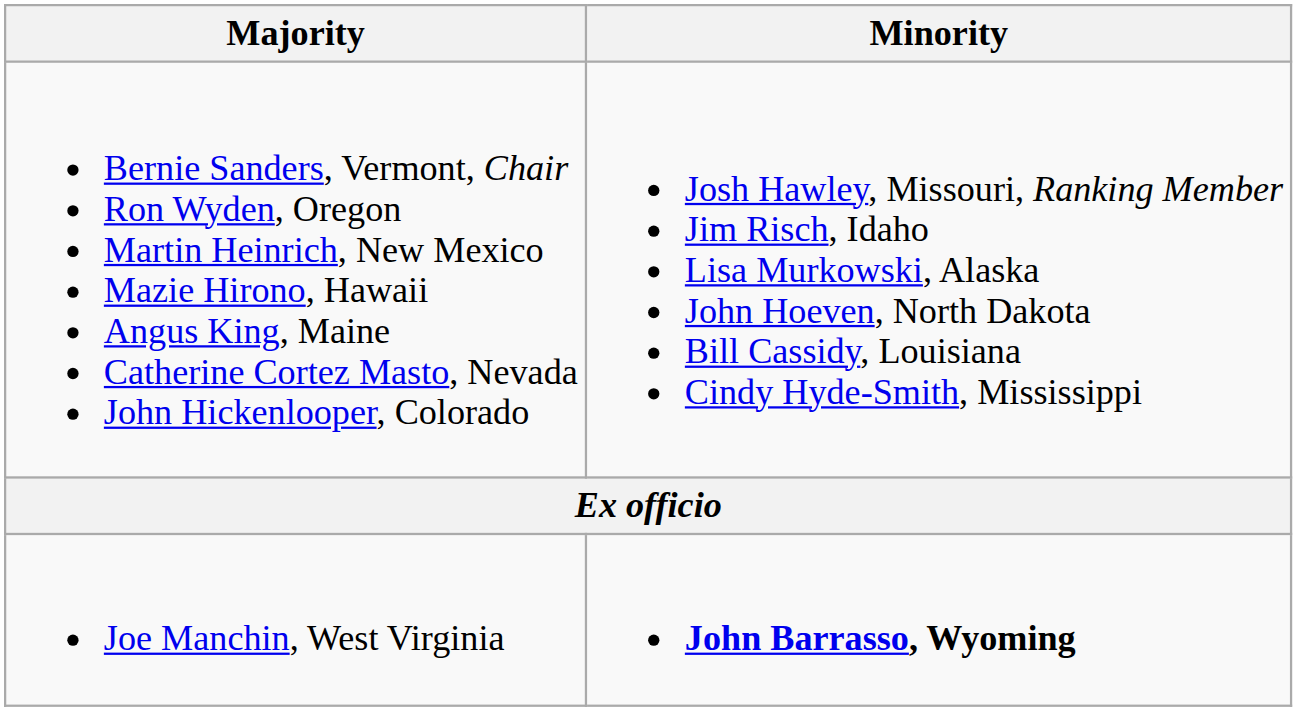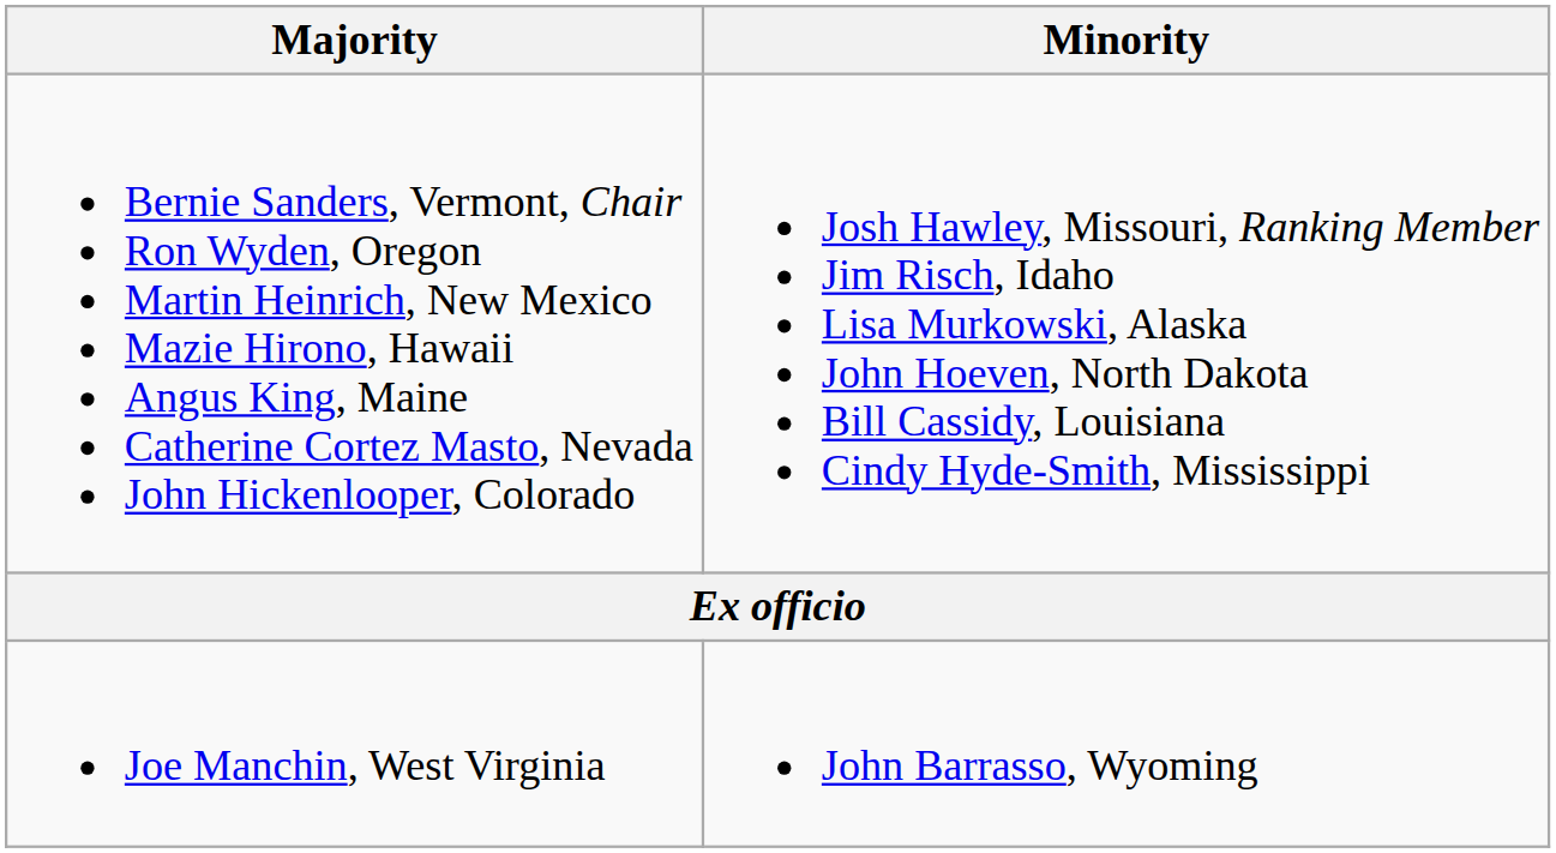 <table class=wikitable>
 <tr>
 <th>Majority</th>
 <th>Minority</th>
 </tr>
 <tr>
 <td><br><ul><li><span><a href='#'>Bernie Sanders</a>, Vermont, <em>Chair</em></span></li><li><a href='#'>Ron Wyden</a>, Oregon</li><li><a href='#'>Martin Heinrich</a>, New Mexico</li><li><a href='#'>Mazie Hirono</a>, Hawaii</li><li><span><a href='#'>Angus King</a>, Maine</span></li><li><a href='#'>Catherine Cortez Masto</a>, Nevada</li><li><a href='#'>John Hickenlooper</a>, Colorado</li></ul></td>
 <td><br><ul><li><a href='#'>Josh Hawley</a>, Missouri, <em>Ranking Member</em></li><li><a href='#'>Jim Risch</a>, Idaho</li><li><a href='#'>Lisa Murkowski</a>, Alaska</li><li><a href='#'>John Hoeven</a>, North Dakota</li><li><a href='#'>Bill Cassidy</a>, Louisiana</li><li><a href='#'>Cindy Hyde-Smith</a>, Mississippi</li></ul></td>
 </tr>
 <tr>
 <th colspan=2><em>Ex officio</em></th>
 </tr>
 <tr>
 <td><br><ul><li><span><a href='#'>Joe Manchin</a>, West Virginia</span></li></ul></td>
-<td><strong><br><ul><li><a href='#'>John Barrasso</a>, Wyoming</li></ul></strong></td>
+<td><br><ul><li><a href='#'>John Barrasso</a>, Wyoming</li></ul></td>
 </tr>
 </table>
